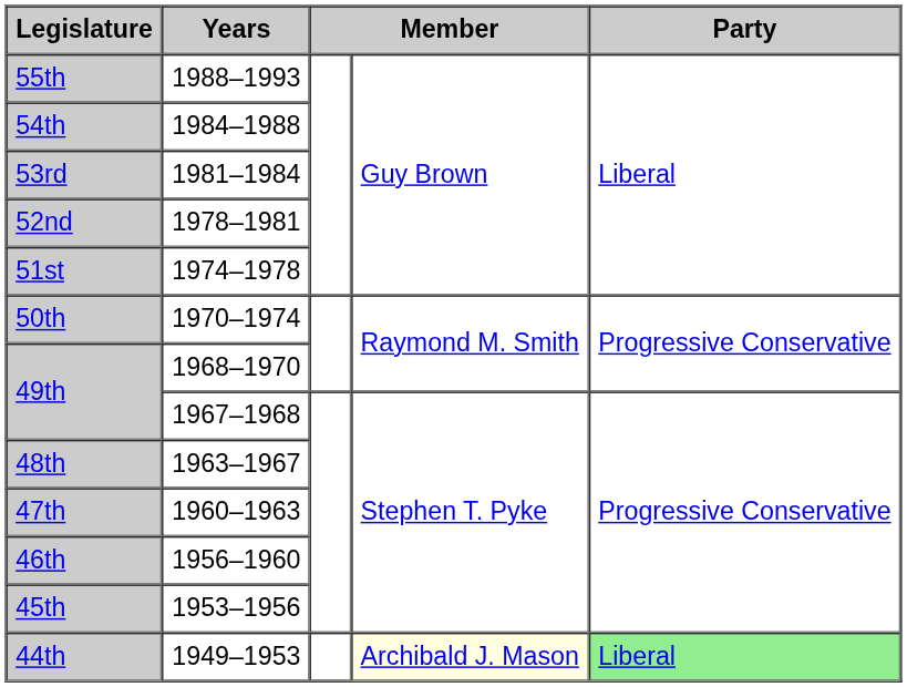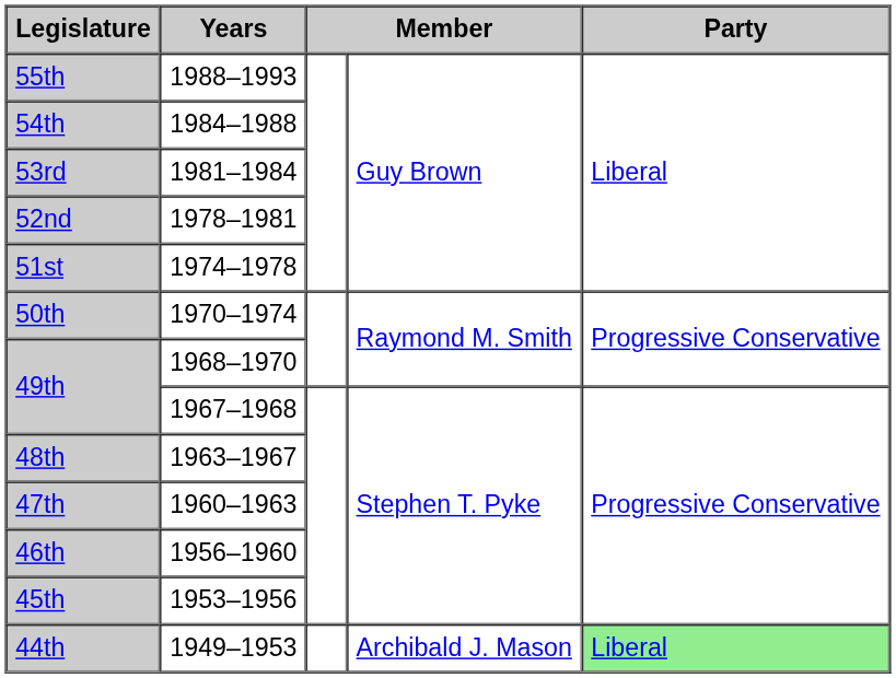 <table border=1 cellpadding=5 cellspacing=0>
 <tr bgcolor="CCCCCC">
 <th>Legislature</th>
 <th>Years</th>
 <th colspan="2">Member</th>
 <th>Party</th>
 </tr>
 <tr>
 <td bgcolor="CCCCCC"><a href='#'>55th</a></td>
 <td>1988–1993</td>
 <td rowspan="5" >   </td>
 <td rowspan="5"><a href='#'>Guy Brown</a></td>
 <td rowspan="5"><a href='#'>Liberal</a></td>
 </tr>
 <tr>
 <td bgcolor="CCCCCC"><a href='#'>54th</a></td>
 <td>1984–1988</td>
 </tr>
 <tr>
 <td bgcolor="CCCCCC"><a href='#'>53rd</a></td>
 <td>1981–1984</td>
 </tr>
 <tr>
 <td bgcolor="CCCCCC"><a href='#'>52nd</a></td>
 <td>1978–1981</td>
 </tr>
 <tr>
 <td bgcolor="CCCCCC"><a href='#'>51st</a></td>
 <td>1974–1978</td>
 </tr>
 <tr>
 <td bgcolor="CCCCCC"><a href='#'>50th</a></td>
 <td>1970–1974</td>
 <td rowspan="2" >   </td>
 <td rowspan="2"><a href='#'>Raymond M. Smith</a></td>
 <td rowspan="2"><a href='#'>Progressive Conservative</a></td>
 </tr>
 <tr>
 <td bgcolor="CCCCCC" rowspan="2"><a href='#'>49th</a></td>
 <td>1968–1970</td>
 </tr>
 <tr>
 <td>1967–1968</td>
 <td rowspan="5" >   </td>
 <td rowspan="5"><a href='#'>Stephen T. Pyke</a></td>
 <td rowspan="5"><a href='#'>Progressive Conservative</a></td>
 </tr>
 <tr>
 <td bgcolor="CCCCCC"><a href='#'>48th</a></td>
 <td>1963–1967</td>
 </tr>
 <tr>
 <td bgcolor="CCCCCC"><a href='#'>47th</a></td>
 <td>1960–1963</td>
 </tr>
 <tr>
 <td bgcolor="CCCCCC"><a href='#'>46th</a></td>
 <td>1956–1960</td>
 </tr>
 <tr>
 <td bgcolor="CCCCCC"><a href='#'>45th</a></td>
 <td>1953–1956</td>
 </tr>
 <tr>
 <td bgcolor="CCCCCC"><a href='#'>44th</a></td>
 <td>1949–1953</td>
 <td>   </td>
-<td style="background: lightyellow;"><a href='#'>Archibald J. Mason</a></td>
+<td><a href='#'>Archibald J. Mason</a></td>
 <td style="background: lightgreen;"><a href='#'>Liberal</a></td>
 </tr>
 </table>
